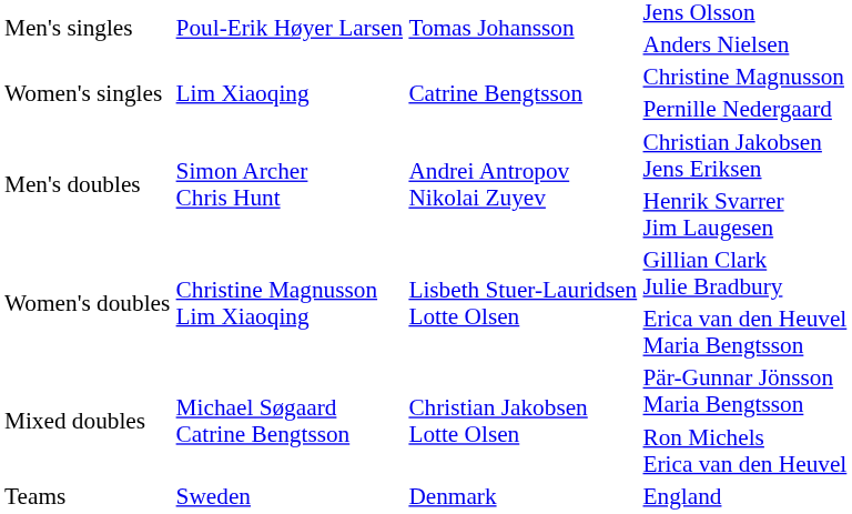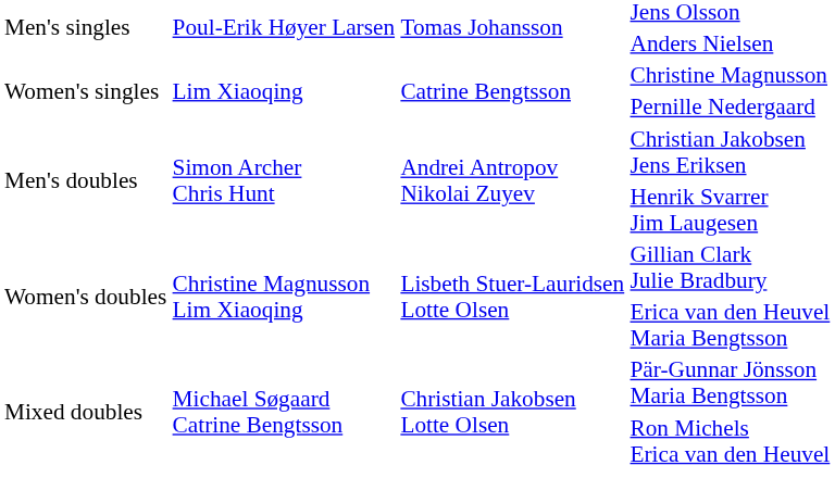 <table>
 <tr>
 <td rowspan=2>Men's singles</td>
 <td rowspan=2> <a href='#'>Poul-Erik Høyer Larsen</a></td>
 <td rowspan=2> <a href='#'>Tomas Johansson</a></td>
 <td> <a href='#'>Jens Olsson</a></td>
 </tr>
 <tr>
 <td> <a href='#'>Anders Nielsen</a></td>
 </tr>
 <tr>
 <td rowspan=2>Women's singles</td>
 <td rowspan=2> <a href='#'>Lim Xiaoqing</a></td>
 <td rowspan=2> <a href='#'>Catrine Bengtsson</a></td>
 <td> <a href='#'>Christine Magnusson</a></td>
 </tr>
 <tr>
 <td> <a href='#'>Pernille Nedergaard</a></td>
 </tr>
 <tr>
 <td rowspan=2>Men's doubles</td>
 <td rowspan=2> <a href='#'>Simon Archer</a><br> <a href='#'>Chris Hunt</a></td>
 <td rowspan=2> <a href='#'>Andrei Antropov</a><br> <a href='#'>Nikolai Zuyev</a></td>
 <td> <a href='#'>Christian Jakobsen</a><br> <a href='#'>Jens Eriksen</a></td>
 </tr>
 <tr>
 <td> <a href='#'>Henrik Svarrer</a><br> <a href='#'>Jim Laugesen</a></td>
 </tr>
 <tr>
 <td rowspan=2>Women's doubles</td>
 <td rowspan=2> <a href='#'>Christine Magnusson</a><br> <a href='#'>Lim Xiaoqing</a></td>
 <td rowspan=2> <a href='#'>Lisbeth Stuer-Lauridsen</a><br> <a href='#'>Lotte Olsen</a></td>
 <td> <a href='#'>Gillian Clark</a><br> <a href='#'>Julie Bradbury</a></td>
 </tr>
 <tr>
 <td> <a href='#'>Erica van den Heuvel</a> <br>  <a href='#'>Maria Bengtsson</a></td>
 </tr>
 <tr>
 <td rowspan=2>Mixed doubles</td>
 <td rowspan=2> <a href='#'>Michael Søgaard</a> <br>  <a href='#'>Catrine Bengtsson</a></td>
 <td rowspan=2> <a href='#'>Christian Jakobsen</a><br>  <a href='#'>Lotte Olsen</a></td>
 <td> <a href='#'>Pär-Gunnar Jönsson</a><br> <a href='#'>Maria Bengtsson</a></td>
 </tr>
 <tr>
 <td> <a href='#'>Ron Michels</a><br> <a href='#'>Erica van den Heuvel</a></td>
 </tr>
-<tr>
-<td>Teams</td>
-<td> <a href='#'>Sweden</a></td>
-<td> <a href='#'>Denmark</a></td>
-<td> <a href='#'>England</a></td>
-</tr>
 </table>
